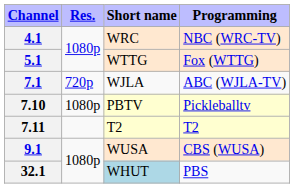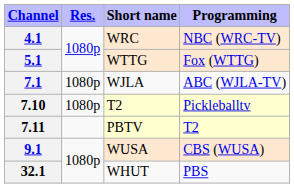 <table class="wikitable">
 <tr>
 <th style="background-color: #bdbdff" scope = "col"><a href='#'>Channel</a></th>
 <th style="background-color: #bdbdff" scope = "col"><a href='#'>Res.</a></th>
 <th style="background-color: #bdbdff" scope = "col">Short name</th>
 <th style="background-color: #bdbdff" scope = "col">Programming</th>
 </tr>
 <tr>
 <th scope = "row"><a href='#'>4.1</a></th>
 <td rowspan=2><a href='#'>1080p</a></td>
 <td style="background-color:#ffe8d0">WRC</td>
 <td style="background-color:#ffe8d0"><a href='#'>NBC</a> (<a href='#'>WRC-TV</a>) </td>
 </tr>
 <tr>
 <th scope = "row"><a href='#'>5.1</a></th>
 <td style="background-color:#ffe8d0">WTTG</td>
 <td style="background-color:#ffe8d0"><a href='#'>Fox</a> (<a href='#'>WTTG</a>) </td>
 </tr>
 <tr>
 <th scope = "row"><a href='#'>7.1</a></th>
-<td><a href='#'>720p</a></td>
+<td>1080p</td>
 <td>WJLA</td>
 <td><a href='#'>ABC</a> (<a href='#'>WJLA-TV</a>)</td>
 </tr>
 <tr>
 <th scope = "row">7.10</th>
 <td>1080p</td>
-<td style="background-color:#ffffd0">PBTV</td>
+<td style="background-color:#ffffd0">T2</td>
 <td style="background-color:#ffffd0"><a href='#'>Pickleballtv</a></td>
 </tr>
 <tr>
 <th scope = "row">7.11</th>
 <td></td>
-<td style="background-color:#ffffd0">T2</td>
+<td style="background-color:#ffffd0">PBTV</td>
 <td style="background-color:#ffffd0"><a href='#'>T2</a></td>
 </tr>
 <tr>
 <th scope = "row"><a href='#'>9.1</a></th>
 <td rowspan=2>1080p</td>
 <td style="background-color:#ffe8d0">WUSA</td>
 <td style="background-color:#ffe8d0"><a href='#'>CBS</a> (<a href='#'>WUSA</a>) </td>
 </tr>
 <tr>
 <th scope = "row">32.1</th>
-<td style="background: lightblue;">WHUT</td>
+<td>WHUT</td>
 <td><a href='#'>PBS</a></td>
 </tr>
 </table>
